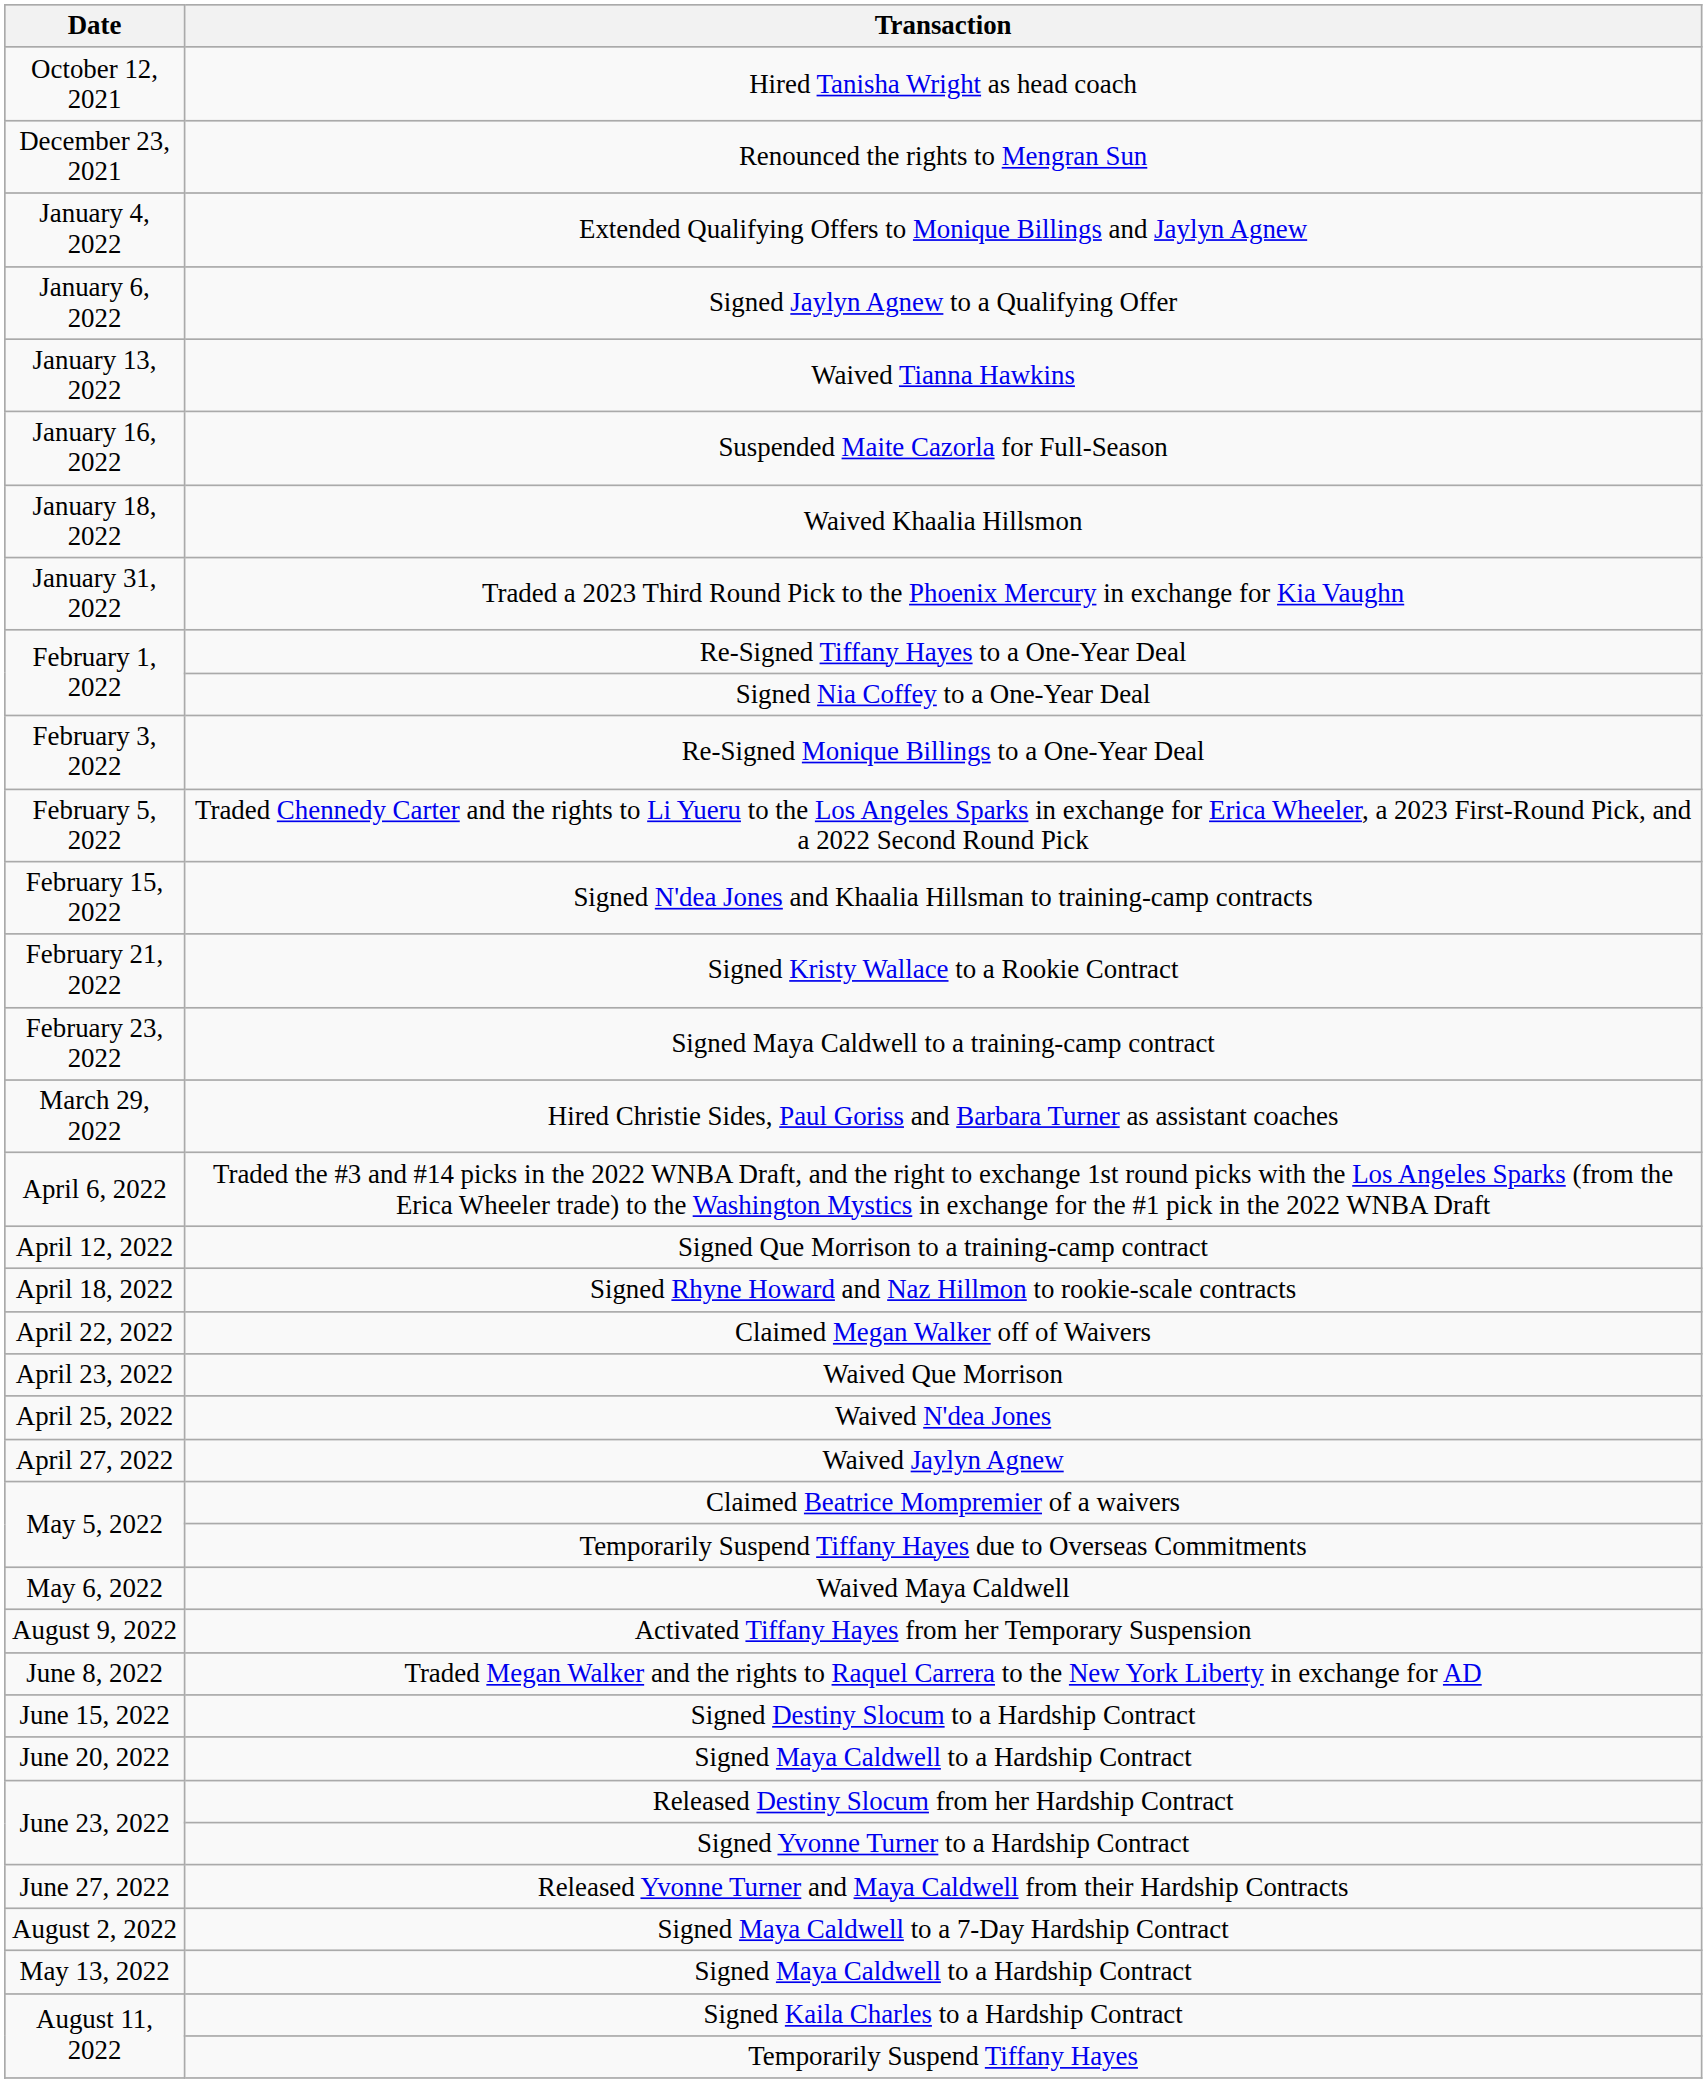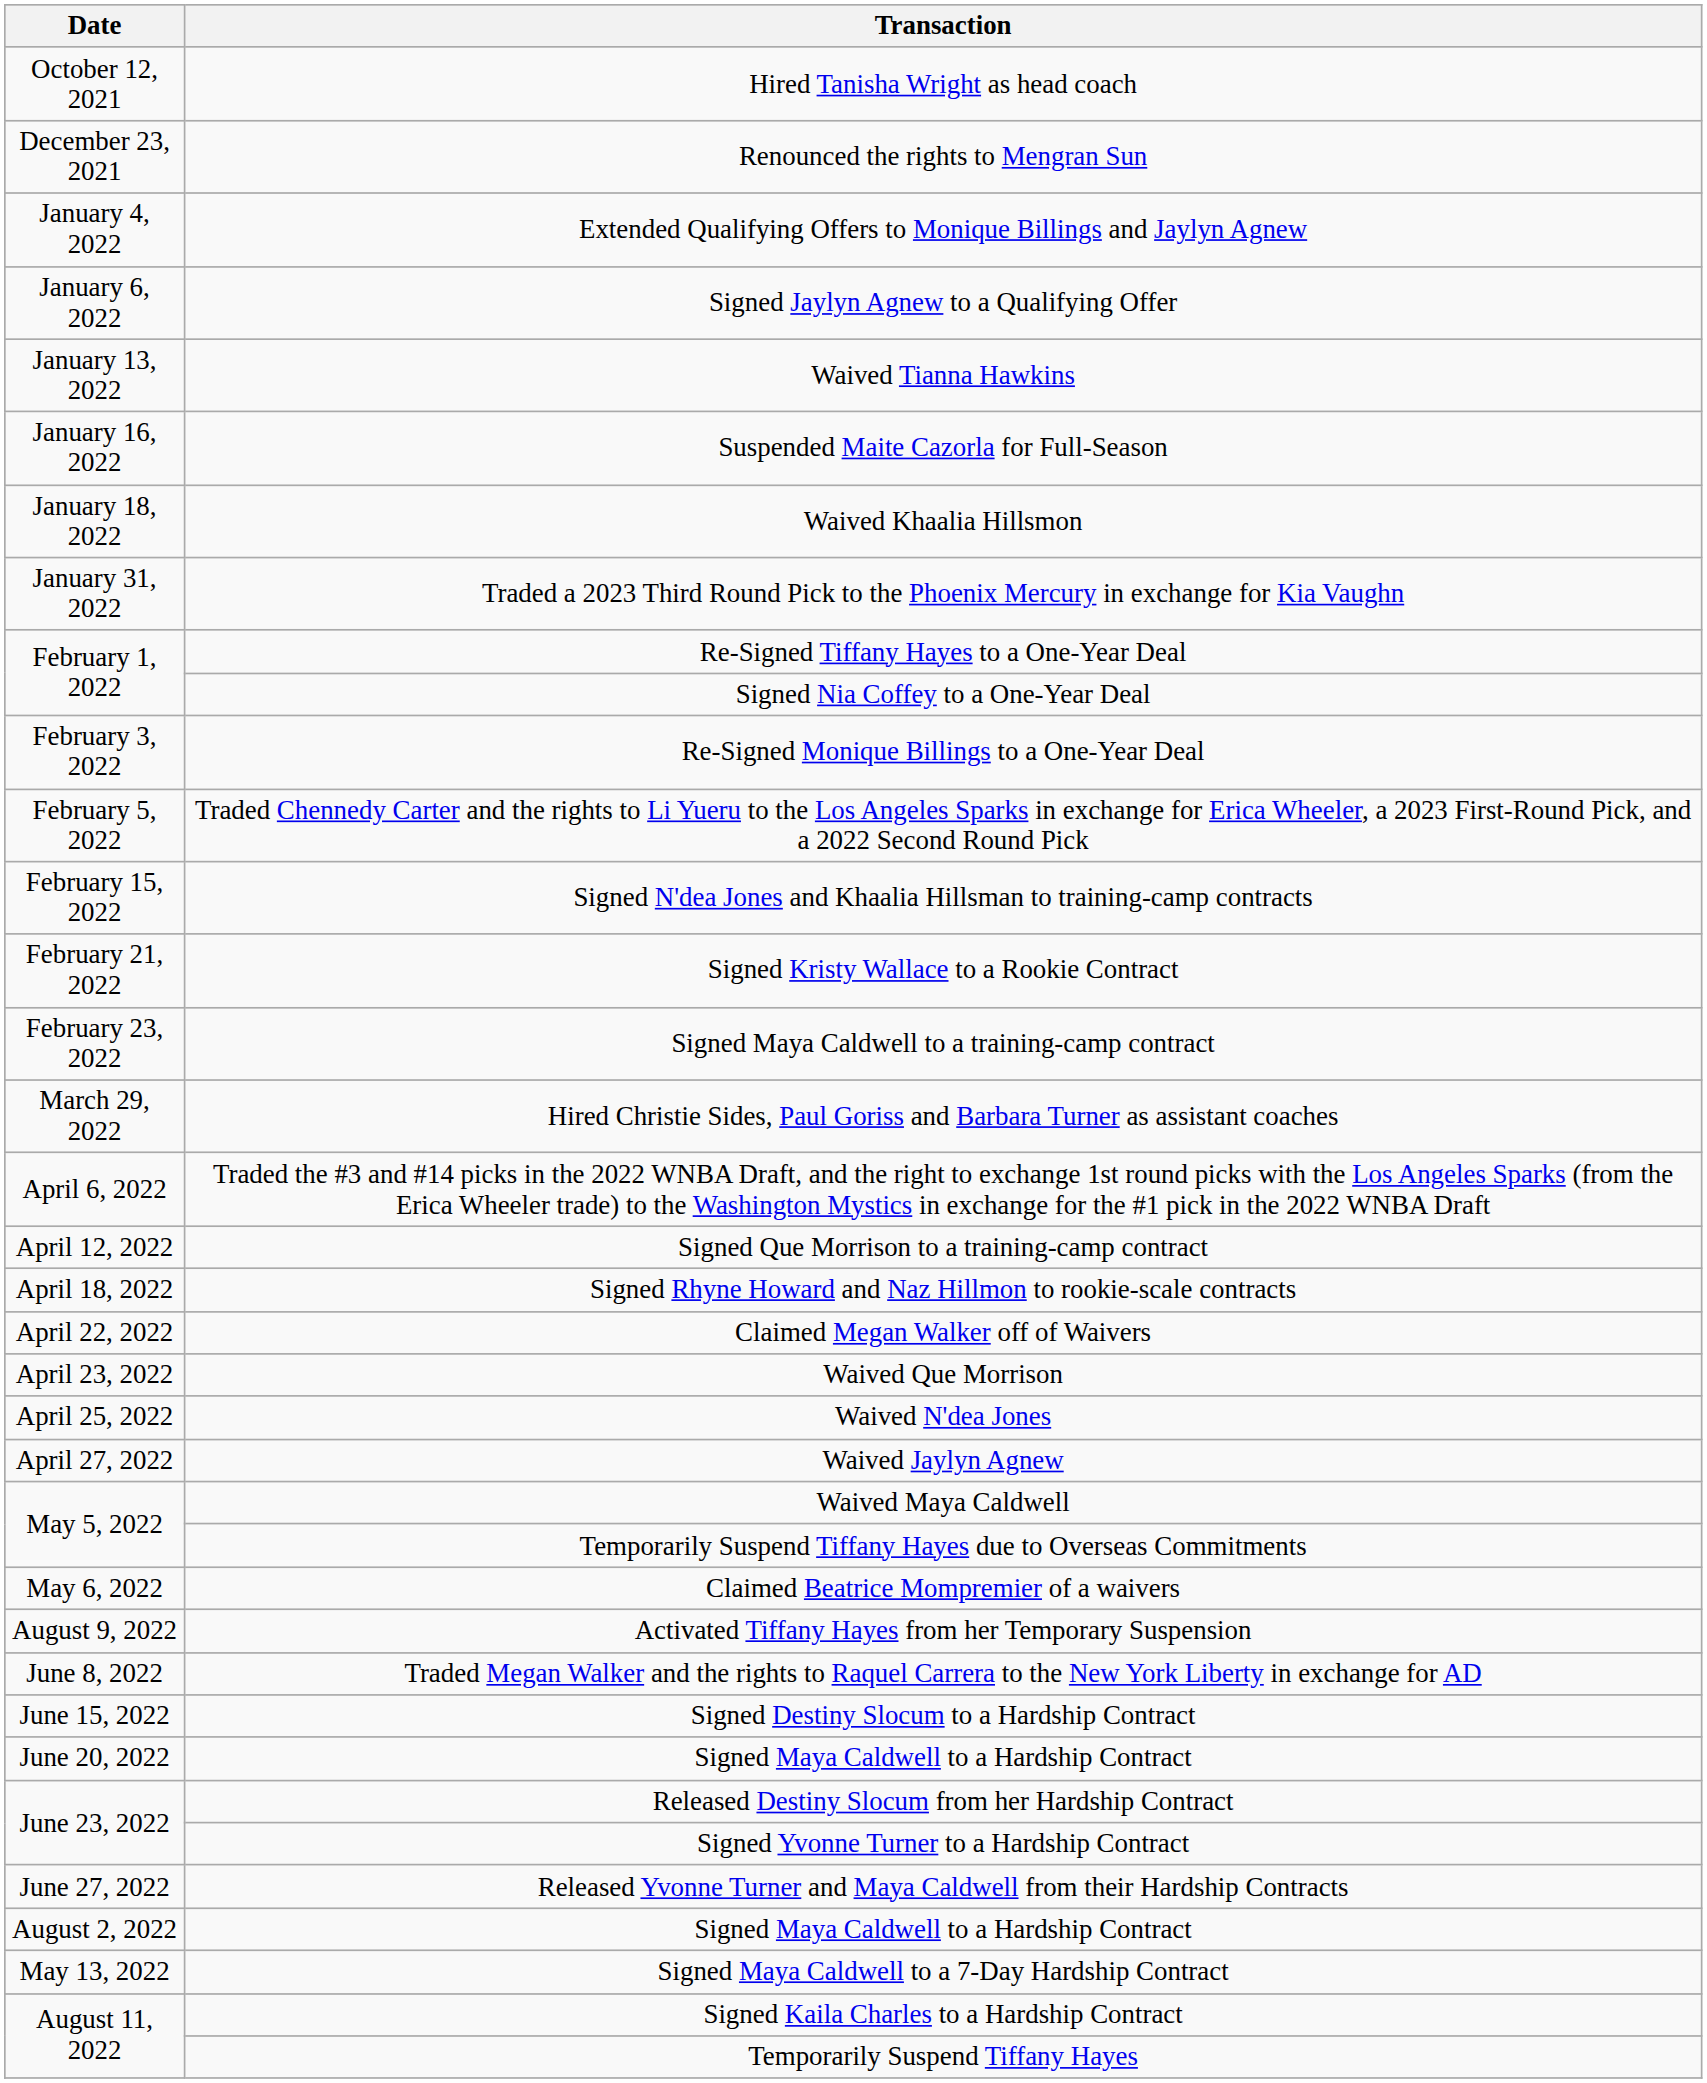 <table class="wikitable" style="width:80%; text-align:center">
 <tr>
 <th>Date</th>
 <th>Transaction</th>
 </tr>
 <tr>
 <td>October 12, 2021</td>
 <td>Hired <a href='#'>Tanisha Wright</a> as head coach</td>
 </tr>
 <tr>
 <td>December 23, 2021</td>
 <td>Renounced the rights to <a href='#'>Mengran Sun</a></td>
 </tr>
 <tr>
 <td>January 4, 2022</td>
 <td>Extended Qualifying Offers to <a href='#'>Monique Billings</a> and <a href='#'>Jaylyn Agnew</a></td>
 </tr>
 <tr>
 <td>January 6, 2022</td>
 <td>Signed <a href='#'>Jaylyn Agnew</a> to a Qualifying Offer </td>
 </tr>
 <tr>
 <td>January 13, 2022</td>
 <td>Waived <a href='#'>Tianna Hawkins</a></td>
 </tr>
 <tr>
 <td>January 16, 2022</td>
 <td>Suspended <a href='#'>Maite Cazorla</a> for Full-Season</td>
 </tr>
 <tr>
 <td>January 18, 2022</td>
 <td>Waived Khaalia Hillsmon </td>
 </tr>
 <tr>
 <td>January 31, 2022</td>
 <td>Traded a 2023 Third Round Pick to the <a href='#'>Phoenix Mercury</a> in exchange for <a href='#'>Kia Vaughn</a></td>
 </tr>
 <tr>
 <td rowspan=2>February 1, 2022</td>
 <td>Re-Signed <a href='#'>Tiffany Hayes</a> to a One-Year Deal</td>
 </tr>
 <tr>
 <td>Signed <a href='#'>Nia Coffey</a> to a One-Year Deal</td>
 </tr>
 <tr>
 <td>February 3, 2022</td>
 <td>Re-Signed <a href='#'>Monique Billings</a> to a One-Year Deal</td>
 </tr>
 <tr>
 <td>February 5, 2022</td>
 <td>Traded <a href='#'>Chennedy Carter</a> and the rights to <a href='#'>Li Yueru</a> to the <a href='#'>Los Angeles Sparks</a> in exchange for <a href='#'>Erica Wheeler</a>, a 2023 First-Round Pick, and a 2022 Second Round Pick</td>
 </tr>
 <tr>
 <td>February 15, 2022</td>
 <td>Signed <a href='#'>N'dea Jones</a> and Khaalia Hillsman to training-camp contracts</td>
 </tr>
 <tr>
 <td>February 21, 2022</td>
 <td>Signed <a href='#'>Kristy Wallace</a> to a Rookie Contract</td>
 </tr>
 <tr>
 <td>February 23, 2022</td>
 <td>Signed Maya Caldwell to a training-camp contract</td>
 </tr>
 <tr>
 <td>March 29, 2022</td>
 <td>Hired Christie Sides, <a href='#'>Paul Goriss</a> and <a href='#'>Barbara Turner</a> as assistant coaches</td>
 </tr>
 <tr>
 <td>April 6, 2022</td>
 <td>Traded the #3 and #14 picks in the 2022 WNBA Draft, and the right to exchange 1st round picks with the <a href='#'>Los Angeles Sparks</a> (from the Erica Wheeler trade) to the <a href='#'>Washington Mystics</a> in exchange for the #1 pick in the 2022 WNBA Draft</td>
 </tr>
 <tr>
 <td>April 12, 2022</td>
 <td>Signed Que Morrison to a training-camp contract</td>
 </tr>
 <tr>
 <td>April 18, 2022</td>
 <td>Signed <a href='#'>Rhyne Howard</a> and <a href='#'>Naz Hillmon</a> to rookie-scale contracts</td>
 </tr>
 <tr>
 <td>April 22, 2022</td>
 <td>Claimed <a href='#'>Megan Walker</a> off of Waivers</td>
 </tr>
 <tr>
 <td>April 23, 2022</td>
 <td>Waived Que Morrison </td>
 </tr>
 <tr>
 <td>April 25, 2022</td>
 <td>Waived <a href='#'>N'dea Jones</a></td>
 </tr>
 <tr>
 <td>April 27, 2022</td>
 <td>Waived <a href='#'>Jaylyn Agnew</a></td>
 </tr>
 <tr>
 <td rowspan=2>May 5, 2022</td>
-<td>Claimed <a href='#'>Beatrice Mompremier</a> of a waivers</td>
+<td>Waived Maya Caldwell</td>
 </tr>
 <tr>
 <td>Temporarily Suspend <a href='#'>Tiffany Hayes</a> due to Overseas Commitments</td>
 </tr>
 <tr>
 <td>May 6, 2022</td>
-<td>Waived Maya Caldwell</td>
+<td>Claimed <a href='#'>Beatrice Mompremier</a> of a waivers</td>
 </tr>
 <tr>
 <td>August 9, 2022</td>
 <td>Activated <a href='#'>Tiffany Hayes</a> from her Temporary Suspension</td>
 </tr>
 <tr>
 <td>June 8, 2022</td>
 <td>Traded <a href='#'>Megan Walker</a> and the rights to <a href='#'>Raquel Carrera</a> to the <a href='#'>New York Liberty</a> in exchange for <a href='#'>AD</a></td>
 </tr>
 <tr>
 <td>June 15, 2022</td>
 <td>Signed <a href='#'>Destiny Slocum</a> to a Hardship Contract</td>
 </tr>
 <tr>
 <td>June 20, 2022</td>
 <td>Signed <a href='#'>Maya Caldwell</a> to a Hardship Contract</td>
 </tr>
 <tr>
 <td rowspan=2>June 23, 2022</td>
 <td>Released <a href='#'>Destiny Slocum</a> from her Hardship Contract</td>
 </tr>
 <tr>
 <td>Signed <a href='#'>Yvonne Turner</a> to a Hardship Contract</td>
 </tr>
 <tr>
 <td>June 27, 2022</td>
 <td>Released <a href='#'>Yvonne Turner</a> and <a href='#'>Maya Caldwell</a> from their Hardship Contracts</td>
 </tr>
 <tr>
 <td>August 2, 2022</td>
-<td>Signed <a href='#'>Maya Caldwell</a> to a 7-Day Hardship Contract</td>
+<td>Signed <a href='#'>Maya Caldwell</a> to a Hardship Contract</td>
 </tr>
 <tr>
 <td>May 13, 2022</td>
-<td>Signed <a href='#'>Maya Caldwell</a> to a Hardship Contract</td>
+<td>Signed <a href='#'>Maya Caldwell</a> to a 7-Day Hardship Contract</td>
 </tr>
 <tr>
 <td rowspan=2>August 11, 2022</td>
 <td>Signed <a href='#'>Kaila Charles</a> to a Hardship Contract</td>
 </tr>
 <tr>
 <td>Temporarily Suspend <a href='#'>Tiffany Hayes</a></td>
 </tr>
 </table>
